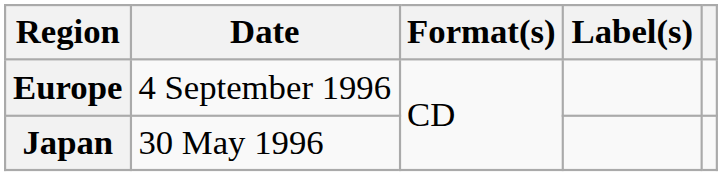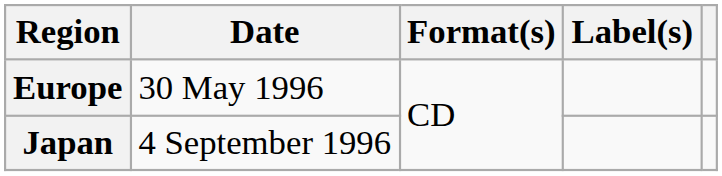 <table class="wikitable plainrowheaders">
 <tr>
 <th scope="col">Region</th>
 <th scope="col">Date</th>
 <th scope="col">Format(s)</th>
 <th scope="col">Label(s)</th>
 <th scope="col"></th>
 </tr>
 <tr>
 <th scope="row">Europe</th>
-<td>4 September 1996</td>
+<td>30 May 1996</td>
 <td rowspan="2">CD</td>
 <td></td>
 <td></td>
 </tr>
 <tr>
 <th scope="row">Japan</th>
-<td>30 May 1996</td>
+<td>4 September 1996</td>
 <td></td>
 <td></td>
 </tr>
 </table>
